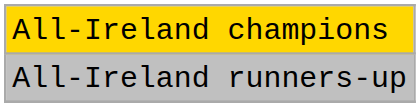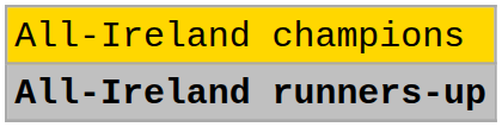 <table class="wikitable">
 <tr>
 <td style="background-color:#FFD700">All-Ireland champions</td>
 </tr>
 <tr>
-<td style="background-color:#C0C0C0">All-Ireland runners-up</td>
+<td style="background-color:#C0C0C0"><strong>All-Ireland runners-up</strong></td>
 </tr>
 <tr>
 </tr>
 </table>
